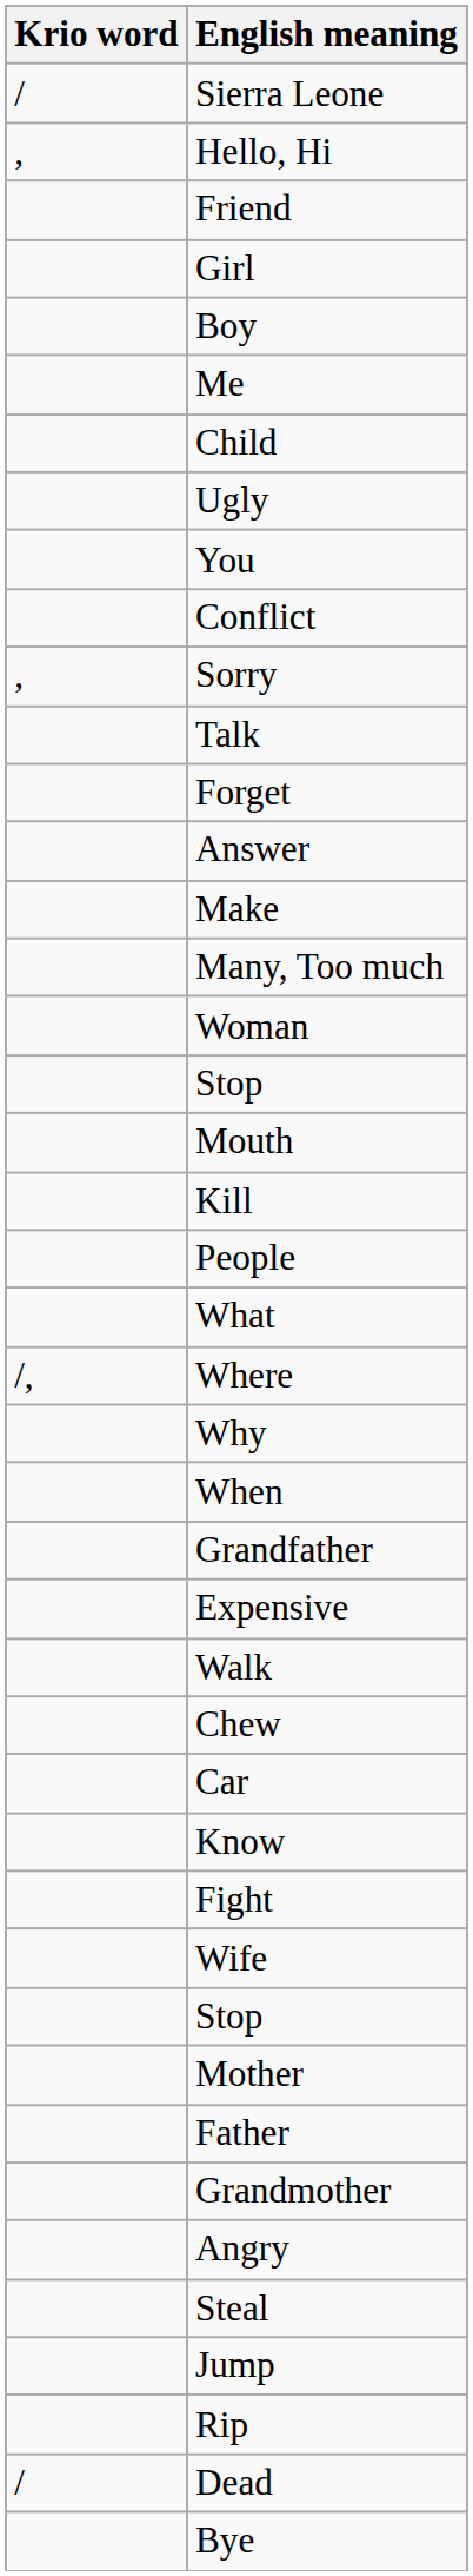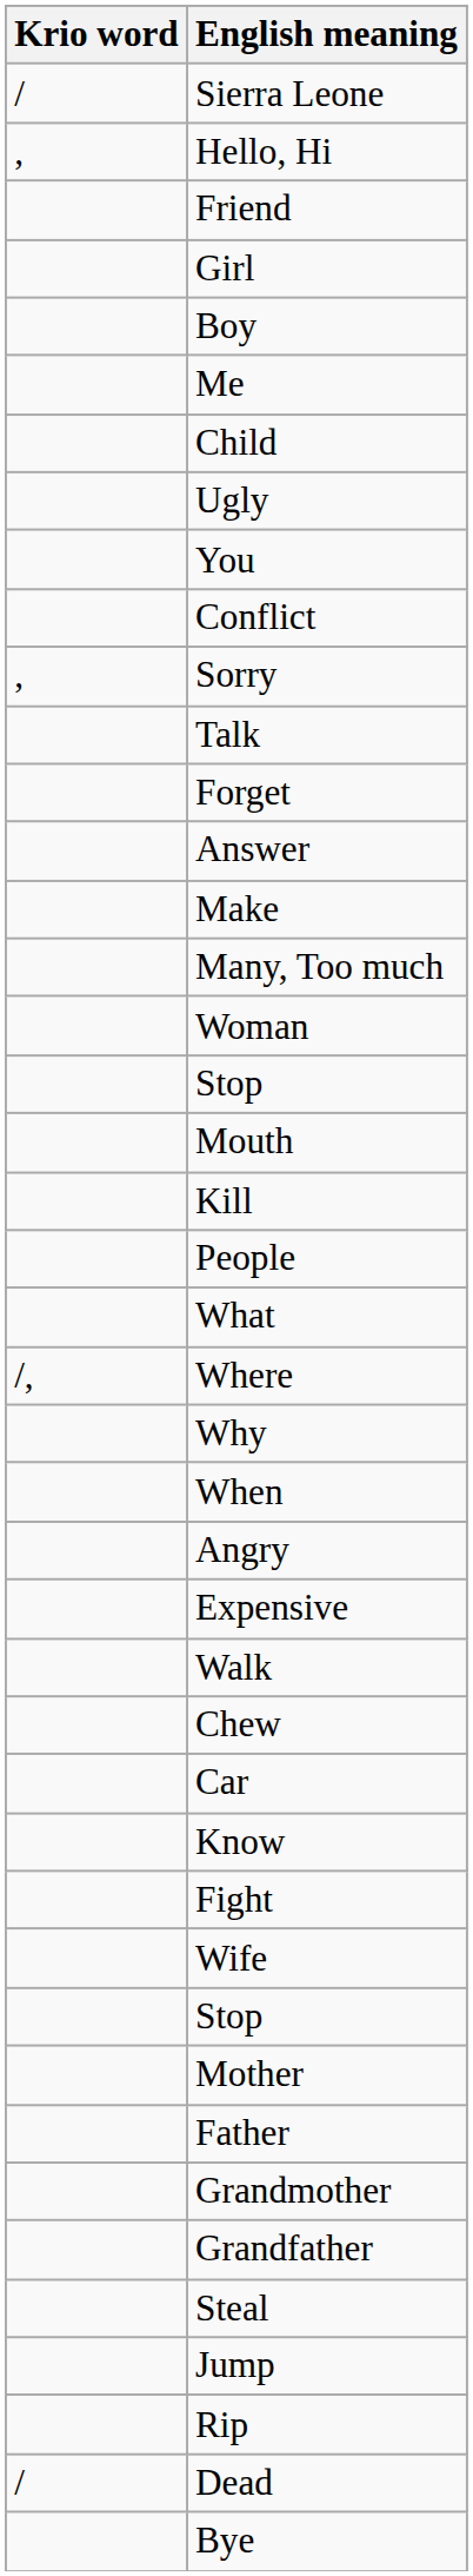 <table class="wikitable">
 <tr>
 <th>Krio word</th>
 <th>English meaning</th>
 </tr>
 <tr>
 <td>/</td>
 <td>Sierra Leone</td>
 </tr>
 <tr>
 <td>, </td>
 <td>Hello, Hi</td>
 </tr>
 <tr>
 <td></td>
 <td>Friend</td>
 </tr>
 <tr>
 <td></td>
 <td>Girl</td>
 </tr>
 <tr>
 <td></td>
 <td>Boy</td>
 </tr>
 <tr>
 <td></td>
 <td>Me</td>
 </tr>
 <tr>
 <td></td>
 <td>Child</td>
 </tr>
 <tr>
 <td></td>
 <td>Ugly</td>
 </tr>
 <tr>
 <td></td>
 <td>You</td>
 </tr>
 <tr>
 <td></td>
 <td>Conflict</td>
 </tr>
 <tr>
 <td>, </td>
 <td>Sorry</td>
 </tr>
 <tr>
 <td></td>
 <td>Talk</td>
 </tr>
 <tr>
 <td></td>
 <td>Forget</td>
 </tr>
 <tr>
 <td></td>
 <td>Answer</td>
 </tr>
 <tr>
 <td></td>
 <td>Make</td>
 </tr>
 <tr>
 <td></td>
 <td>Many, Too much</td>
 </tr>
 <tr>
 <td></td>
 <td>Woman</td>
 </tr>
 <tr>
 <td></td>
 <td>Stop</td>
 </tr>
 <tr>
 <td></td>
 <td>Mouth</td>
 </tr>
 <tr>
 <td></td>
 <td>Kill</td>
 </tr>
 <tr>
 <td></td>
 <td>People</td>
 </tr>
 <tr>
 <td></td>
 <td>What</td>
 </tr>
 <tr>
 <td>/, </td>
 <td>Where</td>
 </tr>
 <tr>
 <td></td>
 <td>Why</td>
 </tr>
 <tr>
 <td></td>
 <td>When</td>
 </tr>
 <tr>
 <td></td>
-<td>Grandfather</td>
+<td>Angry</td>
 </tr>
 <tr>
 <td></td>
 <td>Expensive</td>
 </tr>
 <tr>
 <td></td>
 <td>Walk</td>
 </tr>
 <tr>
 <td></td>
 <td>Chew</td>
 </tr>
 <tr>
 <td></td>
 <td>Car</td>
 </tr>
 <tr>
 <td></td>
 <td>Know</td>
 </tr>
 <tr>
 <td></td>
 <td>Fight</td>
 </tr>
 <tr>
 <td></td>
 <td>Wife</td>
 </tr>
 <tr>
 <td></td>
 <td>Stop</td>
 </tr>
 <tr>
 <td></td>
 <td>Mother</td>
 </tr>
 <tr>
 <td></td>
 <td>Father</td>
 </tr>
 <tr>
 <td></td>
 <td>Grandmother</td>
 </tr>
 <tr>
 <td></td>
-<td>Angry</td>
+<td>Grandfather</td>
 </tr>
 <tr>
 <td></td>
 <td>Steal</td>
 </tr>
 <tr>
 <td></td>
 <td>Jump</td>
 </tr>
 <tr>
 <td></td>
 <td>Rip</td>
 </tr>
 <tr>
 <td>/</td>
 <td>Dead</td>
 </tr>
 <tr>
 <td></td>
 <td>Bye</td>
 </tr>
 </table>
